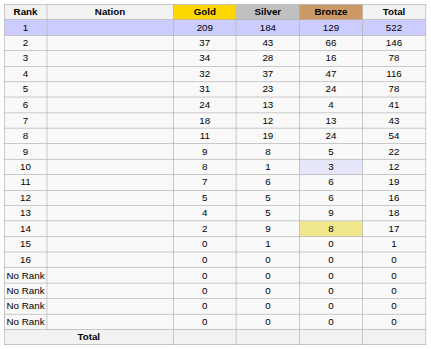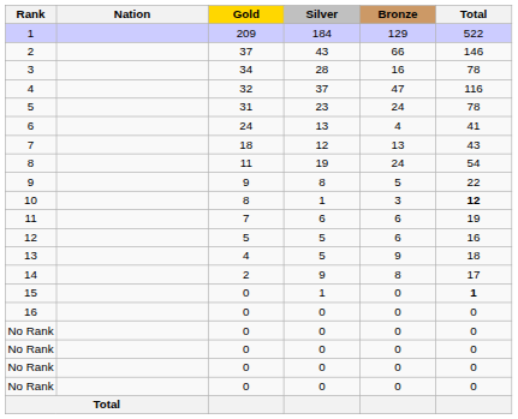 <table class="wikitable sortable plainrowheaders" style="text-align: center">
 <tr>
 <th scope="col">Rank</th>
 <th scope="col" style="width:200px">Nation</th>
 <th scope="col" style="background-color:gold; width:6em;">Gold</th>
 <th scope="col" style="background-color:silver; width:6em;">Silver</th>
 <th scope="col" style="background-color:#cc9966; width:6em;">Bronze</th>
 <th scope="col" style="width:6em;">Total</th>
 </tr>
 <tr style="background:#ccf;">
 <td>1</td>
 <td align=left></td>
 <td>209</td>
 <td>184</td>
 <td>129</td>
 <td>522</td>
 </tr>
 <tr>
 <td>2</td>
 <td align=left></td>
 <td>37</td>
 <td>43</td>
 <td>66</td>
 <td>146</td>
 </tr>
 <tr>
 <td>3</td>
 <td align=left></td>
 <td>34</td>
 <td>28</td>
 <td>16</td>
 <td>78</td>
 </tr>
 <tr>
 <td>4</td>
 <td align=left></td>
 <td>32</td>
 <td>37</td>
 <td>47</td>
 <td>116</td>
 </tr>
 <tr>
 <td>5</td>
 <td align=left></td>
 <td>31</td>
 <td>23</td>
 <td>24</td>
 <td>78</td>
 </tr>
 <tr>
 <td>6</td>
 <td align=left></td>
 <td>24</td>
 <td>13</td>
 <td>4</td>
 <td>41</td>
 </tr>
 <tr>
 <td>7</td>
 <td align=left></td>
 <td>18</td>
 <td>12</td>
 <td>13</td>
 <td>43</td>
 </tr>
 <tr>
 <td>8</td>
 <td align=left></td>
 <td>11</td>
 <td>19</td>
 <td>24</td>
 <td>54</td>
 </tr>
 <tr>
 <td>9</td>
 <td align=left></td>
 <td>9</td>
 <td>8</td>
 <td>5</td>
 <td>22</td>
 </tr>
 <tr>
 <td>10</td>
 <td align=left></td>
 <td>8</td>
 <td>1</td>
-<td style="background: lavender;">3</td>
-<td>12</td>
+<td>3</td>
+<td><strong>12</strong></td>
 </tr>
 <tr>
 <td>11</td>
 <td align=left></td>
 <td>7</td>
 <td>6</td>
 <td>6</td>
 <td>19</td>
 </tr>
 <tr>
 <td>12</td>
 <td align=left></td>
 <td>5</td>
 <td>5</td>
 <td>6</td>
 <td>16</td>
 </tr>
 <tr>
 <td>13</td>
 <td align=left></td>
 <td>4</td>
 <td>5</td>
 <td>9</td>
 <td>18</td>
 </tr>
 <tr>
 <td>14</td>
 <td align=left></td>
 <td>2</td>
 <td>9</td>
-<td style="background: khaki;">8</td>
+<td>8</td>
 <td>17</td>
 </tr>
 <tr>
 <td>15</td>
 <td align=left></td>
 <td>0</td>
 <td>1</td>
 <td>0</td>
-<td>1</td>
+<td><strong>1</strong></td>
 </tr>
 <tr>
 <td>16</td>
 <td align=left></td>
 <td>0</td>
 <td>0</td>
 <td>0</td>
 <td>0</td>
 </tr>
 <tr>
 <td>No Rank</td>
 <td align=left></td>
 <td>0</td>
 <td>0</td>
 <td>0</td>
 <td>0</td>
 </tr>
 <tr>
 <td>No Rank</td>
 <td align=left></td>
 <td>0</td>
 <td>0</td>
 <td>0</td>
 <td>0</td>
 </tr>
 <tr>
 <td>No Rank</td>
 <td align=left></td>
 <td>0</td>
 <td>0</td>
 <td>0</td>
 <td>0</td>
 </tr>
 <tr>
 <td>No Rank</td>
 <td align=left></td>
 <td>0</td>
 <td>0</td>
 <td>0</td>
 <td>0</td>
 </tr>
 <tr>
 <th colspan=2>Total</th>
 <th></th>
 <th></th>
 <th></th>
 <th></th>
 </tr>
 </table>
